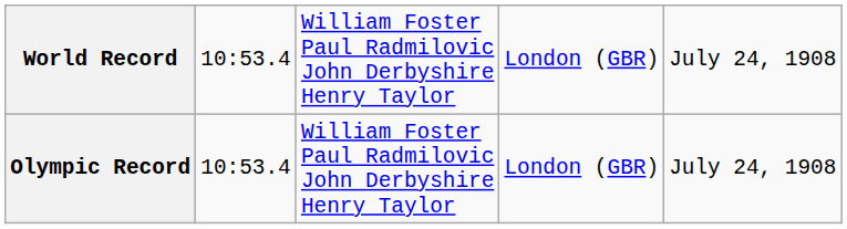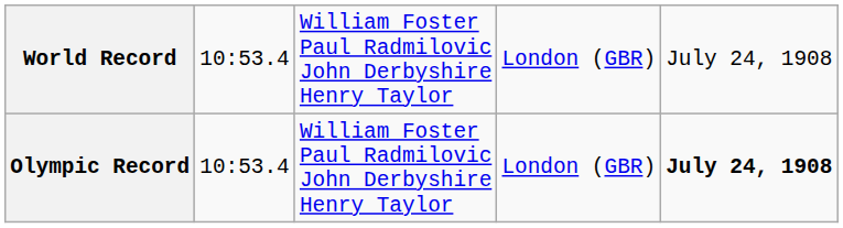 <table class="wikitable" style="text-align:left">
 <tr>
 <th>World Record</th>
 <td>10:53.4</td>
 <td> <a href='#'>William Foster</a><br> <a href='#'>Paul Radmilovic</a><br> <a href='#'>John Derbyshire</a><br> <a href='#'>Henry Taylor</a></td>
 <td><a href='#'>London</a> (<a href='#'>GBR</a>)</td>
 <td>July 24, 1908</td>
 </tr>
 <tr>
 <th>Olympic Record</th>
 <td>10:53.4</td>
 <td> <a href='#'>William Foster</a><br> <a href='#'>Paul Radmilovic</a><br> <a href='#'>John Derbyshire</a><br> <a href='#'>Henry Taylor</a></td>
 <td><a href='#'>London</a> (<a href='#'>GBR</a>)</td>
-<td>July 24, 1908</td>
+<td><strong>July 24, 1908</strong></td>
 </tr>
 </table>
